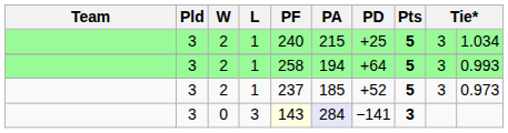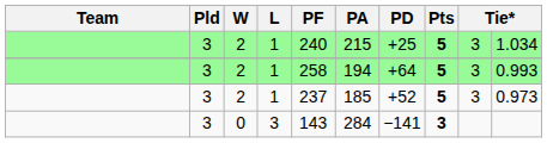 <table class="wikitable" style="text-align:center;">
 <tr>
 <th width=170>Team</th>
 <th width=25>Pld</th>
 <th width=25>W</th>
 <th width=25>L</th>
 <th width=35>PF</th>
 <th width=35>PA</th>
 <th width=35>PD</th>
 <th width=25>Pts</th>
 <th colspan=2>Tie*</th>
 </tr>
 <tr bgcolor="#98fb98">
 <td align="left"><em></em></td>
 <td>3</td>
 <td>2</td>
 <td>1</td>
 <td>240</td>
 <td>215</td>
 <td>+25</td>
 <td><strong>5</strong></td>
 <td width=25>3</td>
 <td width=35>1.034</td>
 </tr>
 <tr>
 </tr>
 <tr bgcolor="#98fb98">
 <td align="left"><em></em></td>
 <td>3</td>
 <td>2</td>
 <td>1</td>
 <td>258</td>
 <td>194</td>
 <td>+64</td>
 <td><strong>5</strong></td>
 <td>3</td>
 <td>0.993</td>
 </tr>
 <tr>
 <td align="left"></td>
 <td>3</td>
 <td>2</td>
 <td>1</td>
 <td>237</td>
 <td>185</td>
 <td>+52</td>
 <td><strong>5</strong></td>
 <td>3</td>
 <td>0.973</td>
 </tr>
 <tr>
 <td align="left"></td>
 <td>3</td>
 <td>0</td>
 <td>3</td>
-<td style="background: lightyellow;">143</td>
-<td style="background: lavender;">284</td>
+<td>143</td>
+<td>284</td>
 <td>−141</td>
 <td><strong>3</strong></td>
 <td></td>
 <td></td>
 </tr>
 </table>
